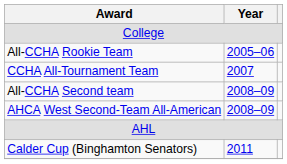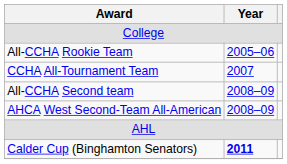 <table class="wikitable">
 <tr>
 <th>Award</th>
 <th>Year</th>
 <th></th>
 </tr>
 <tr ALIGN="center" bgcolor="#e0e0e0">
 <td colspan="3"><a href='#'>College</a></td>
 </tr>
 <tr>
 <td>All-<a href='#'>CCHA</a> <a href='#'>Rookie Team</a></td>
 <td><a href='#'>2005–06</a></td>
 <td></td>
 </tr>
 <tr>
 <td><a href='#'>CCHA</a> <a href='#'>All-Tournament Team</a></td>
 <td><a href='#'>2007</a></td>
 <td></td>
 </tr>
 <tr>
 <td>All-<a href='#'>CCHA</a> <a href='#'>Second team</a></td>
 <td><a href='#'>2008–09</a></td>
 <td></td>
 </tr>
 <tr>
 <td><a href='#'>AHCA</a> <a href='#'>West Second-Team All-American</a></td>
 <td><a href='#'>2008–09</a></td>
 <td></td>
 </tr>
 <tr ALIGN="center" bgcolor="#e0e0e0">
 <td colspan="3"><a href='#'>AHL</a></td>
 </tr>
 <tr>
 <td><a href='#'>Calder Cup</a> (Binghamton Senators)</td>
-<td><a href='#'>2011</a></td>
+<td><strong><a href='#'>2011</a></strong></td>
 <td></td>
 </tr>
 <tr>
 </tr>
 </table>
